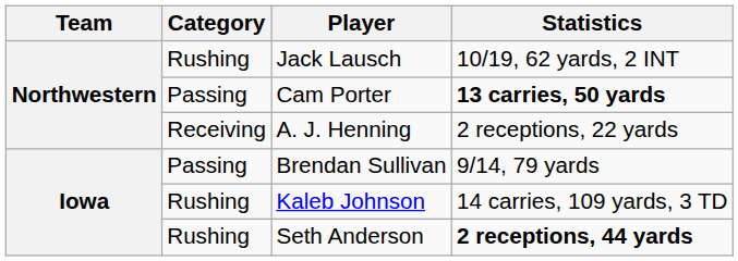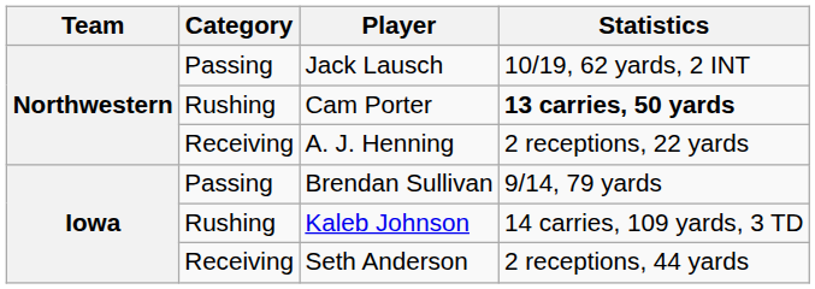 <table class="wikitable" style="float:right">
 <tr>
 <th>Team</th>
 <th>Category</th>
 <th>Player</th>
 <th>Statistics</th>
 </tr>
 <tr>
 <th rowspan=3>Northwestern</th>
-<td>Rushing</td>
+<td>Passing</td>
 <td>Jack Lausch</td>
 <td>10/19, 62 yards, 2 INT</td>
 </tr>
 <tr>
-<td>Passing</td>
+<td>Rushing</td>
 <td>Cam Porter</td>
 <td><strong>13 carries, 50 yards</strong></td>
 </tr>
 <tr>
 <td>Receiving</td>
 <td>A. J. Henning</td>
 <td>2 receptions, 22 yards</td>
 </tr>
 <tr>
 <th rowspan=3>Iowa</th>
 <td>Passing</td>
 <td>Brendan Sullivan</td>
 <td>9/14, 79 yards</td>
 </tr>
 <tr>
 <td>Rushing</td>
 <td><a href='#'>Kaleb Johnson</a></td>
 <td>14 carries, 109 yards, 3 TD</td>
 </tr>
 <tr>
-<td>Rushing</td>
+<td>Receiving</td>
 <td>Seth Anderson</td>
-<td><strong>2 receptions, 44 yards</strong></td>
+<td>2 receptions, 44 yards</td>
 </tr>
 </table>
